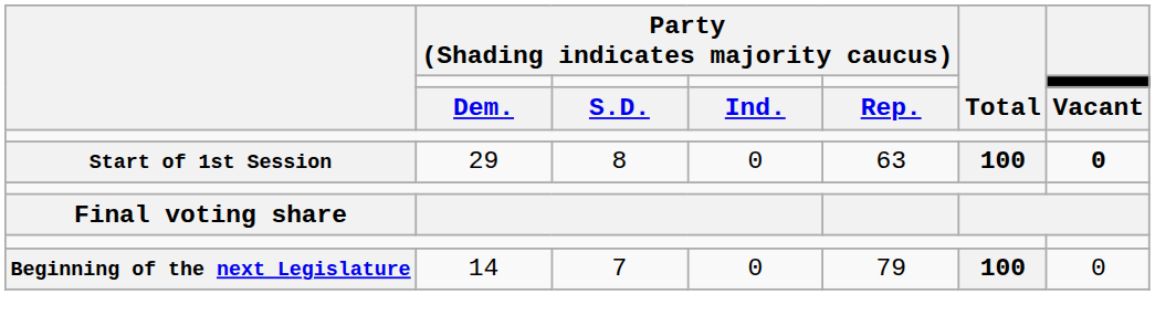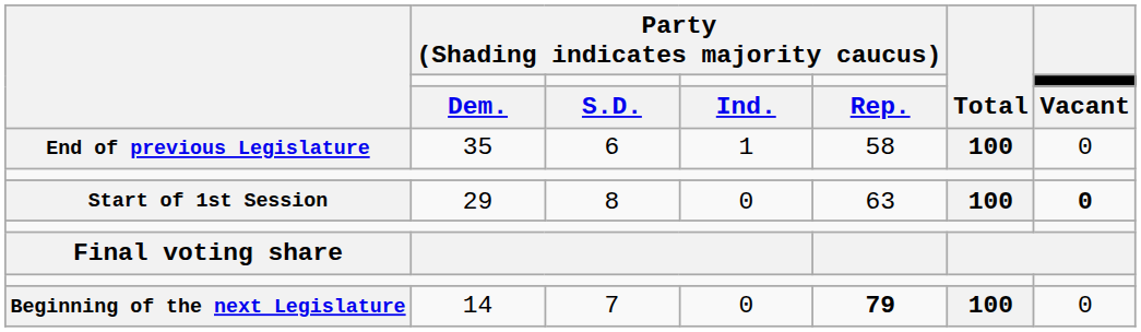 <table class=wikitable style="text-align:center">
 <tr style="vertical-align:bottom;">
 <th rowspan=3></th>
 <th colspan=4>Party <div>(Shading indicates majority caucus)</div></th>
 <th rowspan=3>Total</th>
 <th></th>
 </tr>
 <tr style="height:5px">
 <td style="background-color:"></td>
 <td style="background-color:"></td>
 <td style="background-color:"></td>
 <td style="background-color:"></td>
 <td style="background:black;"></td>
 </tr>
 <tr>
 <th><a href='#'>Dem.</a></th>
 <th><a href='#'>S.D.</a></th>
 <th><a href='#'>Ind.</a></th>
 <th><a href='#'>Rep.</a></th>
 <th>Vacant</th>
+</tr>
+<tr>
+<th style="font-size:80%;">End of <a href='#'>previous Legislature</a></th>
+<td>35</td>
+<td>6</td>
+<td>1</td>
+<td>58</td>
+<th>100</th>
+<td>0</td>
 </tr>
 <tr>
 <td colspan=6></td>
 </tr>
 <tr>
 <th style="font-size:80%;">Start of 1st Session</th>
 <td>29</td>
 <td>8</td>
 <td>0</td>
 <td>63</td>
 <th>100</th>
 <td><strong>0</strong></td>
 </tr>
 <tr>
 <td colspan=6></td>
 </tr>
 <tr>
 <th>Final voting share</th>
 <th colspan=3></th>
 <th></th>
 <th colspan=2></th>
 </tr>
 <tr>
 <td colspan=6></td>
 </tr>
 <tr>
 <th style="font-size:80%;">Beginning of the <a href='#'>next Legislature</a></th>
 <td>14</td>
 <td>7</td>
 <td>0</td>
-<td>79</td>
+<td><strong>79</strong></td>
 <th>100</th>
 <td>0</td>
 </tr>
 </table>
